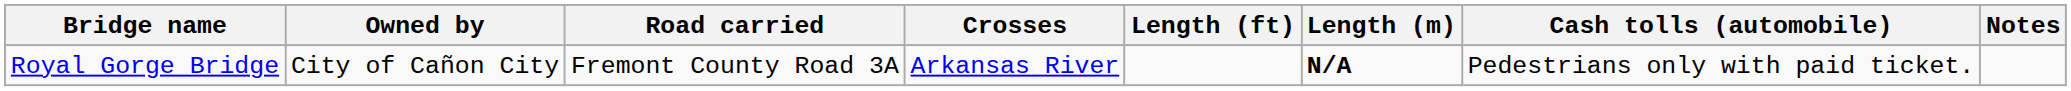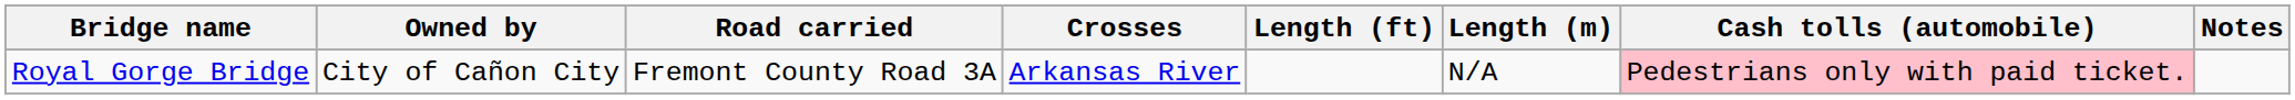 <table class=wikitable>
 <tr>
 <th scope=col>Bridge name</th>
 <th scope=col>Owned by</th>
 <th scope=col>Road carried</th>
 <th scope=col>Crosses</th>
 <th scope=col>Length (ft)</th>
 <th scope=col>Length (m)</th>
 <th scope=col>Cash tolls (automobile)</th>
 <th scope=col>Notes</th>
 </tr>
 <tr>
 <td><a href='#'>Royal Gorge Bridge</a></td>
 <td>City of Cañon City</td>
 <td>Fremont County Road 3A</td>
 <td><a href='#'>Arkansas River</a></td>
 <td></td>
-<td><strong>N/A</strong></td>
-<td>Pedestrians only with paid ticket.</td>
+<td>N/A</td>
+<td style="background: pink;">Pedestrians only with paid ticket.</td>
 </tr>
 </table>
